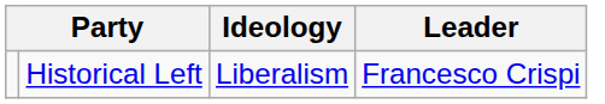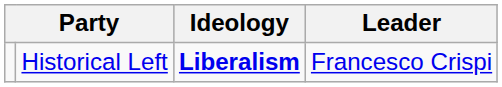 <table class=wikitable style="font-size:100%">
 <tr>
 <th colspan=2>Party</th>
 <th>Ideology</th>
 <th>Leader</th>
 </tr>
 <tr>
 <td style="color:inherit;background:"></td>
 <td><a href='#'>Historical Left</a></td>
-<td><a href='#'>Liberalism</a></td>
+<td><strong><a href='#'>Liberalism</a></strong></td>
 <td><a href='#'>Francesco Crispi</a></td>
 </tr>
 </table>
